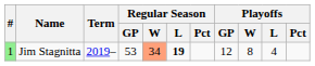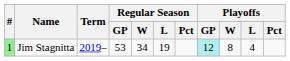 <table class="wikitable" style="text-align:center;">
 <tr>
 <th rowspan="2">#</th>
 <th rowspan="2">Name</th>
 <th rowspan="2">Term</th>
 <th colspan="4">Regular Season</th>
 <th colspan="4">Playoffs</th>
 </tr>
 <tr>
 <th width=25>GP</th>
 <th width=25>W</th>
 <th width=25>L</th>
 <th width=25>Pct</th>
 <th width=25>GP</th>
 <th width=25>W</th>
 <th width=25>L</th>
 <th width=25>Pct</th>
 </tr>
 <tr>
 <td style="background: lightgreen;">1</td>
 <td align=left>Jim Stagnitta</td>
 <td><a href='#'>2019</a>–</td>
 <td>53</td>
-<td style="background: lightsalmon;">34</td>
-<td><strong>19</strong></td>
+<td>34</td>
+<td>19</td>
 <td></td>
-<td>12</td>
+<td style="background: paleturquoise;">12</td>
 <td>8</td>
 <td>4</td>
 <td></td>
 </tr>
 </table>
